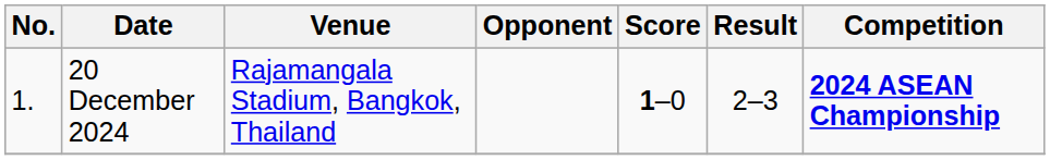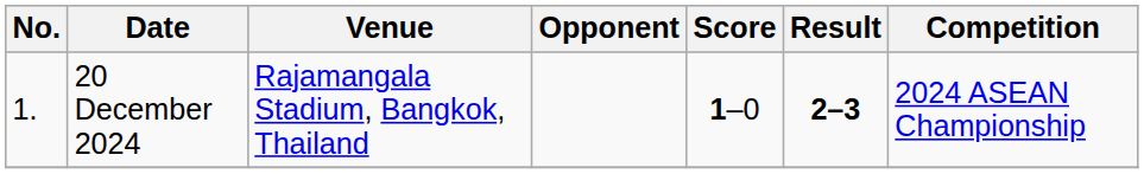 <table class="wikitable">
 <tr>
 <th>No.</th>
 <th>Date</th>
 <th>Venue</th>
 <th>Opponent</th>
 <th>Score</th>
 <th>Result</th>
 <th>Competition</th>
 </tr>
 <tr>
 <td>1.</td>
 <td>20 December 2024</td>
 <td><a href='#'>Rajamangala Stadium</a>, <a href='#'>Bangkok</a>, <a href='#'>Thailand</a></td>
 <td></td>
 <td align=center><strong>1</strong>–0</td>
-<td align=center>2–3</td>
-<td><strong><a href='#'>2024 ASEAN Championship</a></strong></td>
+<td align=center><strong>2–3</strong></td>
+<td><a href='#'>2024 ASEAN Championship</a></td>
 </tr>
 <tr>
 </tr>
 </table>
